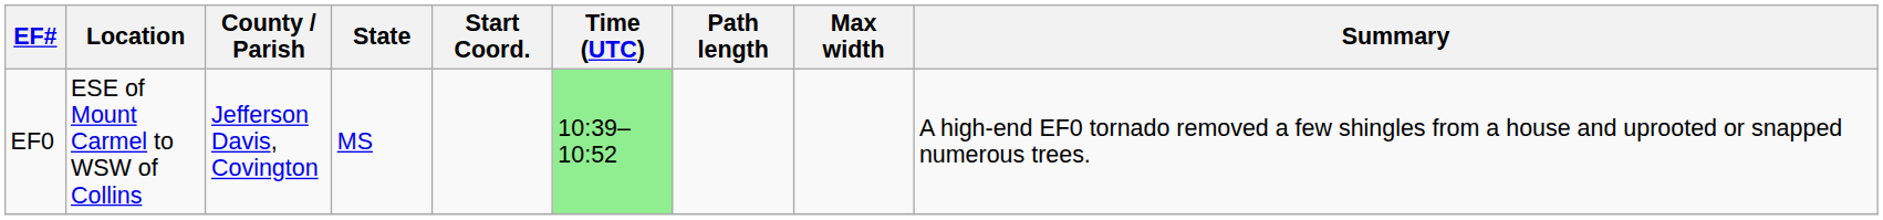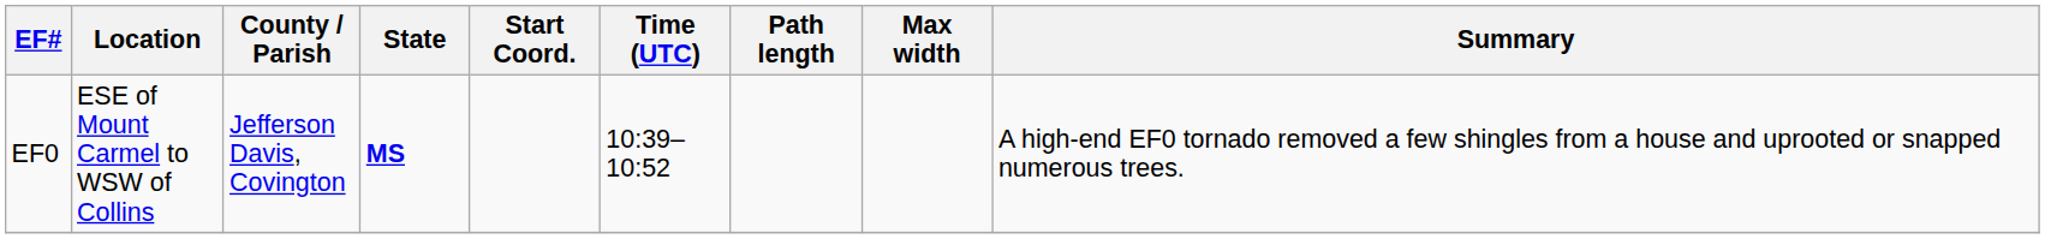 <table class="wikitable sortable" style="width:100%;">
 <tr>
 <th scope="col"  style="width:3%; text-align:center;"><a href='#'>EF#</a></th>
 <th scope="col"  style="width:7%; text-align:center;" class="unsortable">Location</th>
 <th scope="col"  style="width:6%; text-align:center;" class="unsortable">County / Parish</th>
 <th scope="col"  style="width:5%; text-align:center;">State</th>
 <th scope="col"  style="width:6%; text-align:center;">Start Coord.</th>
 <th scope="col"  style="width:6%; text-align:center;">Time (<a href='#'>UTC</a>)</th>
 <th scope="col"  style="width:6%; text-align:center;">Path length</th>
 <th scope="col"  style="width:6%; text-align:center;">Max width</th>
 <th scope="col" class="unsortable" style="width:48%; text-align:center;">Summary</th>
 </tr>
 <tr>
 <td>EF0</td>
 <td>ESE of <a href='#'>Mount Carmel</a> to WSW of <a href='#'>Collins</a></td>
 <td><a href='#'>Jefferson Davis</a>, <a href='#'>Covington</a></td>
-<td><a href='#'>MS</a></td>
+<td><strong><a href='#'>MS</a></strong></td>
 <td></td>
-<td style="background: lightgreen;">10:39–10:52</td>
+<td>10:39–10:52</td>
 <td></td>
 <td></td>
 <td>A high-end EF0 tornado removed a few shingles from a house and uprooted or snapped numerous trees.</td>
 </tr>
 <tr>
 </tr>
 </table>
